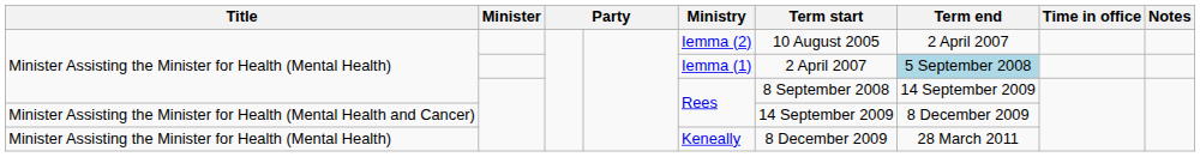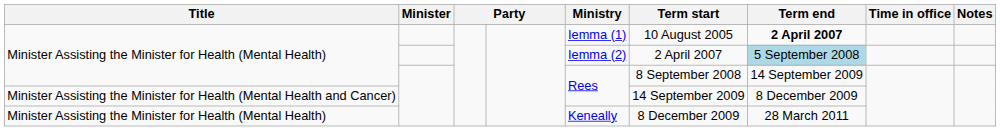 <table class="wikitable sortable">
 <tr>
 <th>Title</th>
 <th>Minister</th>
 <th colspan=2>Party</th>
 <th>Ministry</th>
 <th>Term start</th>
 <th>Term end</th>
 <th>Time in office</th>
 <th class="unsortable">Notes</th>
 </tr>
 <tr>
 <td rowspan="3">Minister Assisting the Minister for Health (Mental Health)</td>
 <td></td>
 <td rowspan=5 > </td>
 <td rowspan=5 width=8%></td>
-<td><a href='#'>Iemma (2)</a></td>
+<td><a href='#'>Iemma (1)</a></td>
 <td align=center>10 August 2005</td>
-<td align=center>2 April 2007</td>
+<td align=center><strong>2 April 2007</strong></td>
 <td align=right></td>
 <td></td>
 </tr>
 <tr>
 <td></td>
-<td><a href='#'>Iemma (1)</a></td>
+<td><a href='#'>Iemma (2)</a></td>
 <td align=center>2 April 2007</td>
 <td align=center style="background: lightblue;">5 September 2008</td>
 <td align=right></td>
 <td></td>
 </tr>
 <tr>
 <td rowspan=3></td>
 <td rowspan=2><a href='#'>Rees</a></td>
 <td align=center>8 September 2008</td>
 <td align=center>14 September 2009</td>
 <td rowspan=3 align=right></td>
 <td rowspan=3></td>
 </tr>
 <tr>
 <td>Minister Assisting the Minister for Health (Mental Health and Cancer)</td>
 <td align=center>14 September 2009</td>
 <td align=center>8 December 2009</td>
 </tr>
 <tr>
 <td>Minister Assisting the Minister for Health (Mental Health)</td>
 <td><a href='#'>Keneally</a></td>
 <td align=center>8 December 2009</td>
 <td align=center>28 March 2011</td>
 </tr>
 </table>
